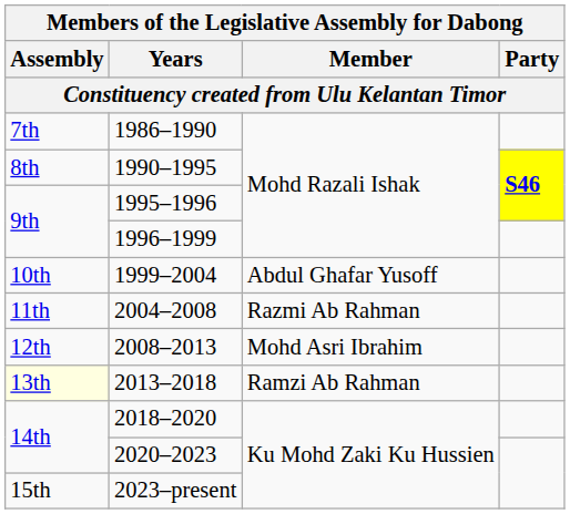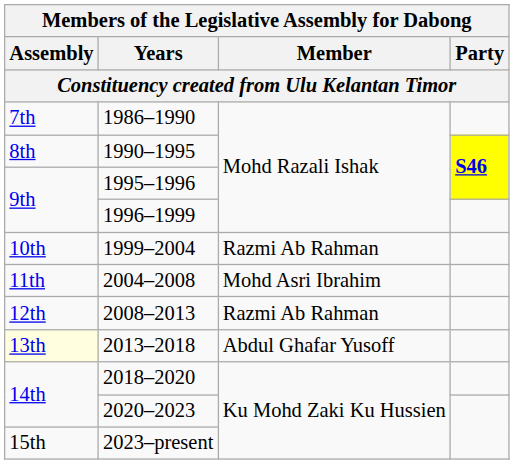 <table class=wikitable>
 <tr>
 <th colspan=4>Members of the Legislative Assembly for Dabong</th>
 </tr>
 <tr>
 <th>Assembly</th>
 <th>Years</th>
 <th>Member</th>
 <th>Party</th>
 </tr>
 <tr>
 <th colspan=4 align=center><em>Constituency created from Ulu Kelantan Timor</em></th>
 </tr>
 <tr>
 <td><a href='#'>7th</a></td>
 <td>1986–1990</td>
 <td rowspan=4>Mohd Razali Ishak</td>
 <td></td>
 </tr>
 <tr>
 <td><a href='#'>8th</a></td>
 <td>1990–1995</td>
 <td rowspan=2 bgcolor="yellow"><strong><a href='#'>S46</a></strong></td>
 </tr>
 <tr>
 <td rowspan=2><a href='#'>9th</a></td>
 <td>1995–1996</td>
 </tr>
 <tr>
 <td>1996–1999</td>
 <td></td>
 </tr>
 <tr>
 <td><a href='#'>10th</a></td>
 <td>1999–2004</td>
-<td>Abdul Ghafar Yusoff</td>
+<td>Razmi Ab Rahman</td>
 <td></td>
 </tr>
 <tr>
 <td><a href='#'>11th</a></td>
 <td>2004–2008</td>
-<td>Razmi Ab Rahman</td>
+<td>Mohd Asri Ibrahim</td>
 <td></td>
 </tr>
 <tr>
 <td><a href='#'>12th</a></td>
 <td>2008–2013</td>
-<td>Mohd Asri Ibrahim</td>
+<td>Razmi Ab Rahman</td>
 <td></td>
 </tr>
 <tr>
 <td style="background: lightyellow;"><a href='#'>13th</a></td>
 <td>2013–2018</td>
-<td>Ramzi Ab Rahman</td>
+<td>Abdul Ghafar Yusoff</td>
 <td></td>
 </tr>
 <tr>
 <td rowspan="2"><a href='#'>14th</a></td>
 <td>2018–2020</td>
 <td rowspan="3">Ku Mohd Zaki Ku Hussien</td>
 <td></td>
 </tr>
 <tr>
 <td>2020–2023</td>
 <td rowspan=2></td>
 </tr>
 <tr>
 <td>15th</td>
 <td>2023–present</td>
 </tr>
 </table>
